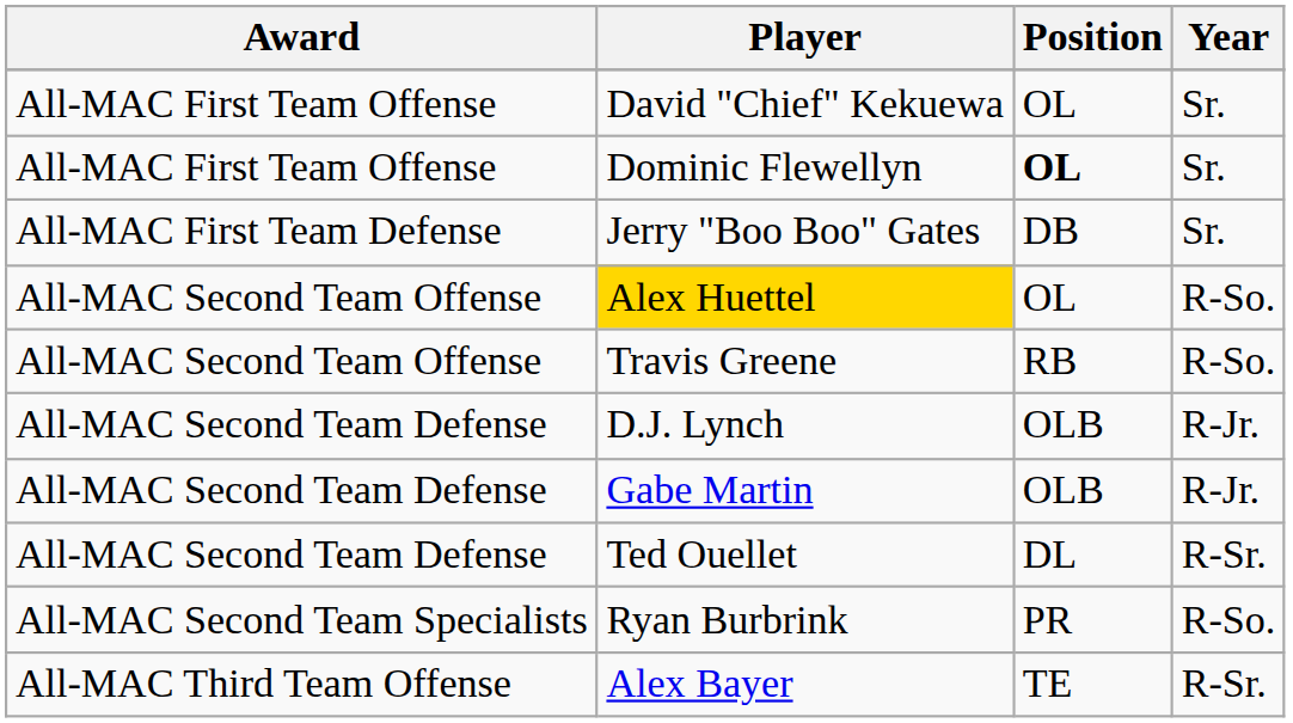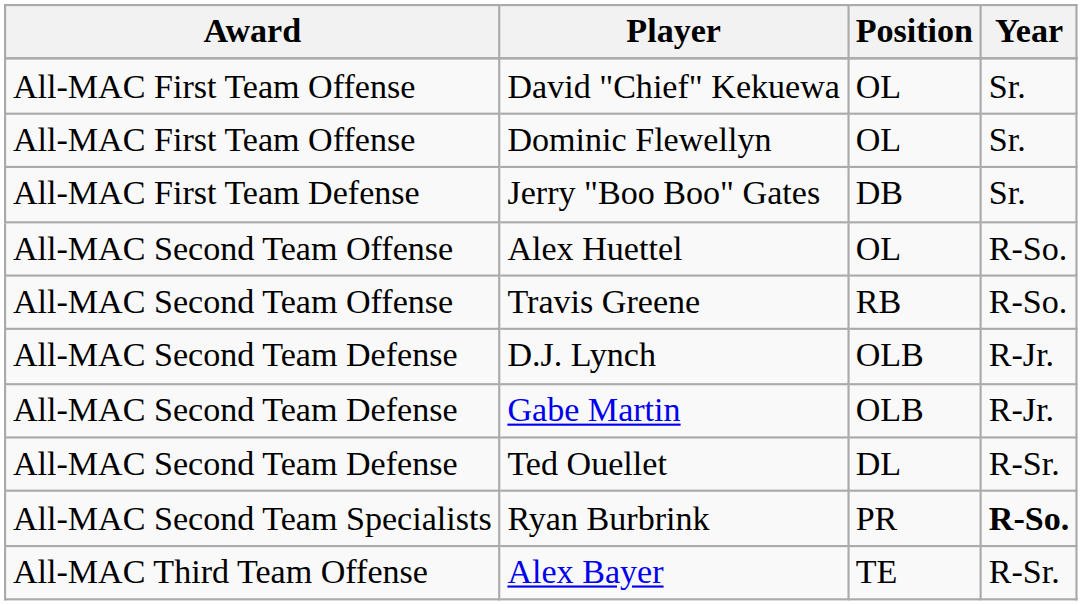 <table class="wikitable" border="1">
 <tr align=center>
 <th style= >Award</th>
 <th style= >Player</th>
 <th style= >Position</th>
 <th style= >Year</th>
 </tr>
 <tr align="center">
 </tr>
 <tr>
 <td>All-MAC First Team Offense</td>
 <td>David "Chief" Kekuewa</td>
 <td>OL</td>
 <td>Sr.</td>
 </tr>
 <tr>
 <td>All-MAC First Team Offense</td>
 <td>Dominic Flewellyn</td>
-<td><strong>OL</strong></td>
+<td>OL</td>
 <td>Sr.</td>
 </tr>
 <tr>
 <td>All-MAC First Team Defense</td>
 <td>Jerry "Boo Boo" Gates</td>
 <td>DB</td>
 <td>Sr.</td>
 </tr>
 <tr>
 <td>All-MAC Second Team Offense</td>
-<td style="background: gold;">Alex Huettel</td>
+<td>Alex Huettel</td>
 <td>OL</td>
 <td>R-So.</td>
 </tr>
 <tr>
 <td>All-MAC Second Team Offense</td>
 <td>Travis Greene</td>
 <td>RB</td>
 <td>R-So.</td>
 </tr>
 <tr>
 <td>All-MAC Second Team Defense</td>
 <td>D.J. Lynch</td>
 <td>OLB</td>
 <td>R-Jr.</td>
 </tr>
 <tr>
 <td>All-MAC Second Team Defense</td>
 <td><a href='#'>Gabe Martin</a></td>
 <td>OLB</td>
 <td>R-Jr.</td>
 </tr>
 <tr>
 <td>All-MAC Second Team Defense</td>
 <td>Ted Ouellet</td>
 <td>DL</td>
 <td>R-Sr.</td>
 </tr>
 <tr>
 <td>All-MAC Second Team Specialists</td>
 <td>Ryan Burbrink</td>
 <td>PR</td>
-<td>R-So.</td>
+<td><strong>R-So.</strong></td>
 </tr>
 <tr>
 <td>All-MAC Third Team Offense</td>
 <td><a href='#'>Alex Bayer</a></td>
 <td>TE</td>
 <td>R-Sr.</td>
 </tr>
 </table>
